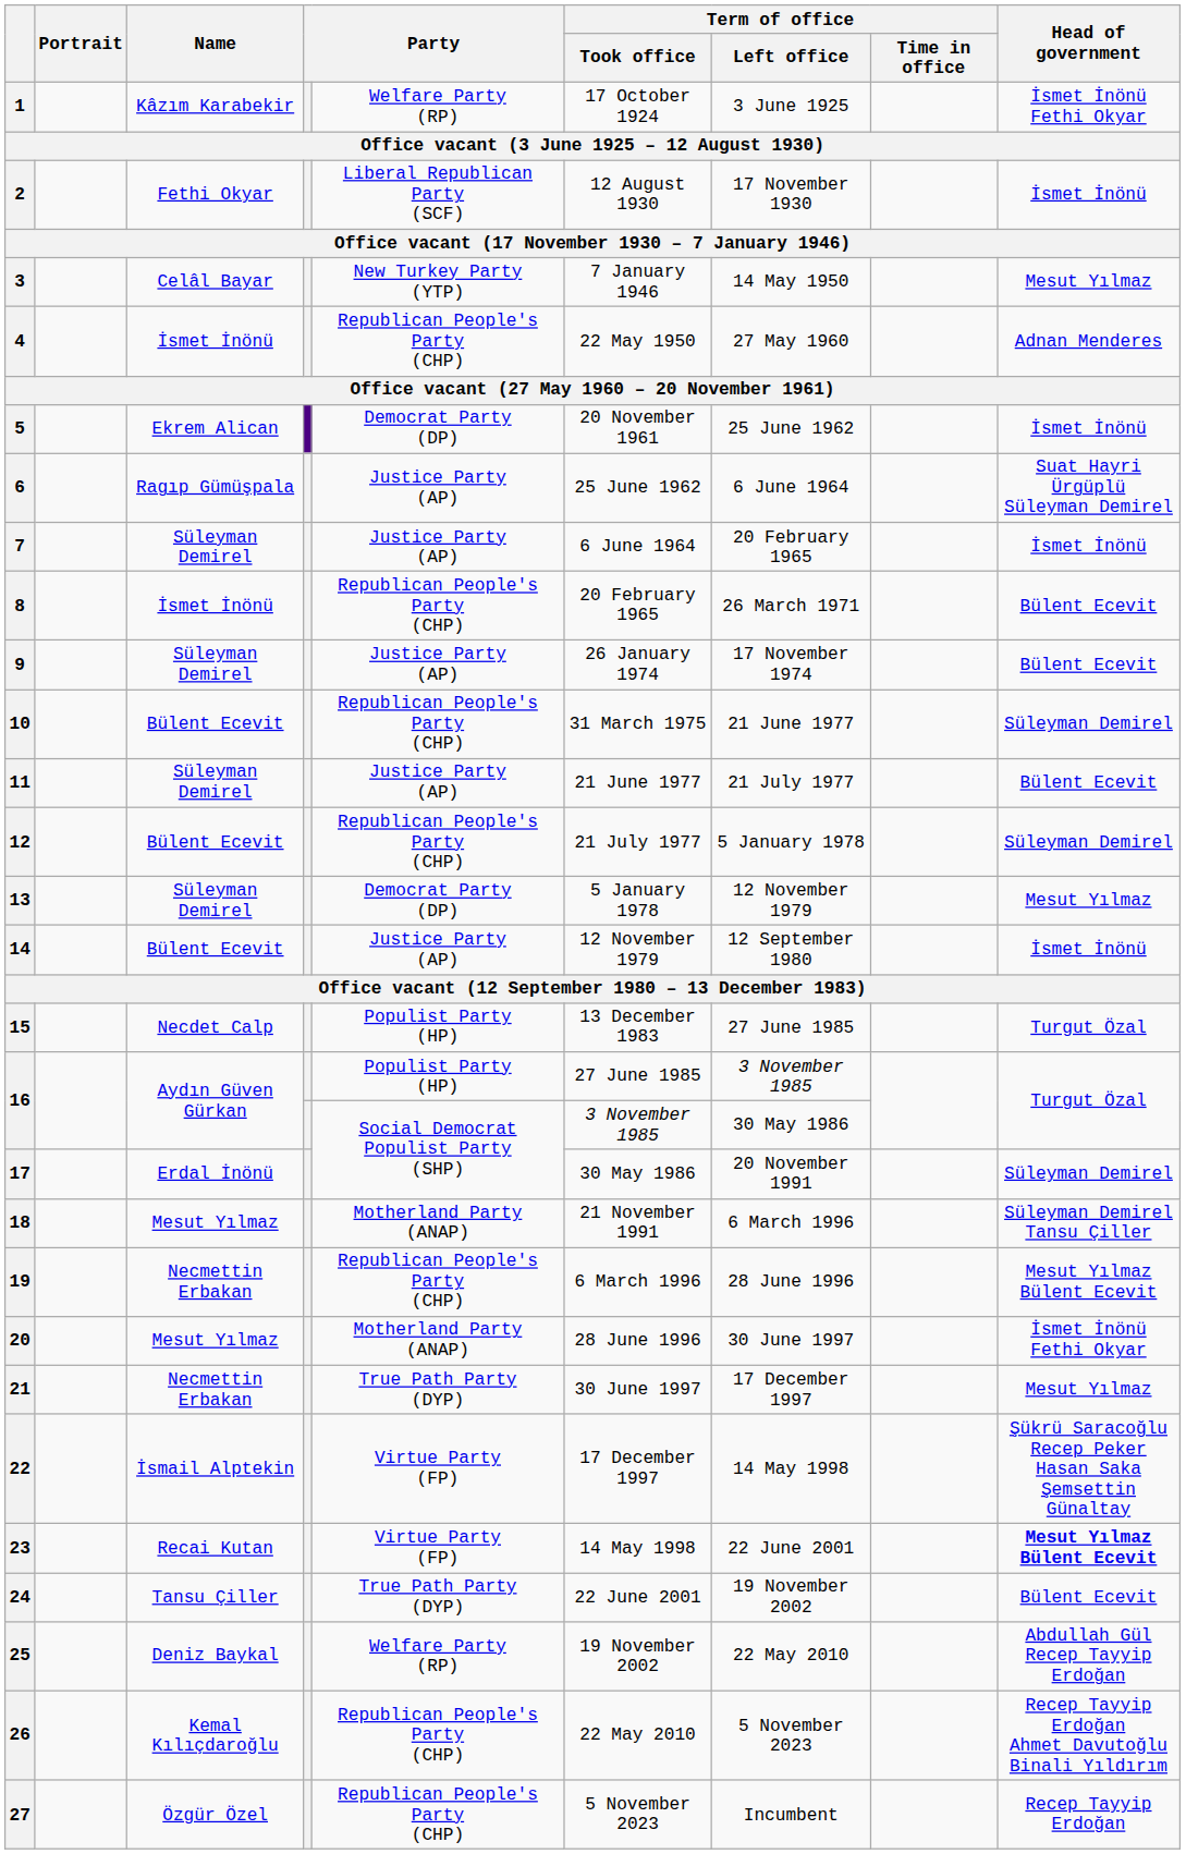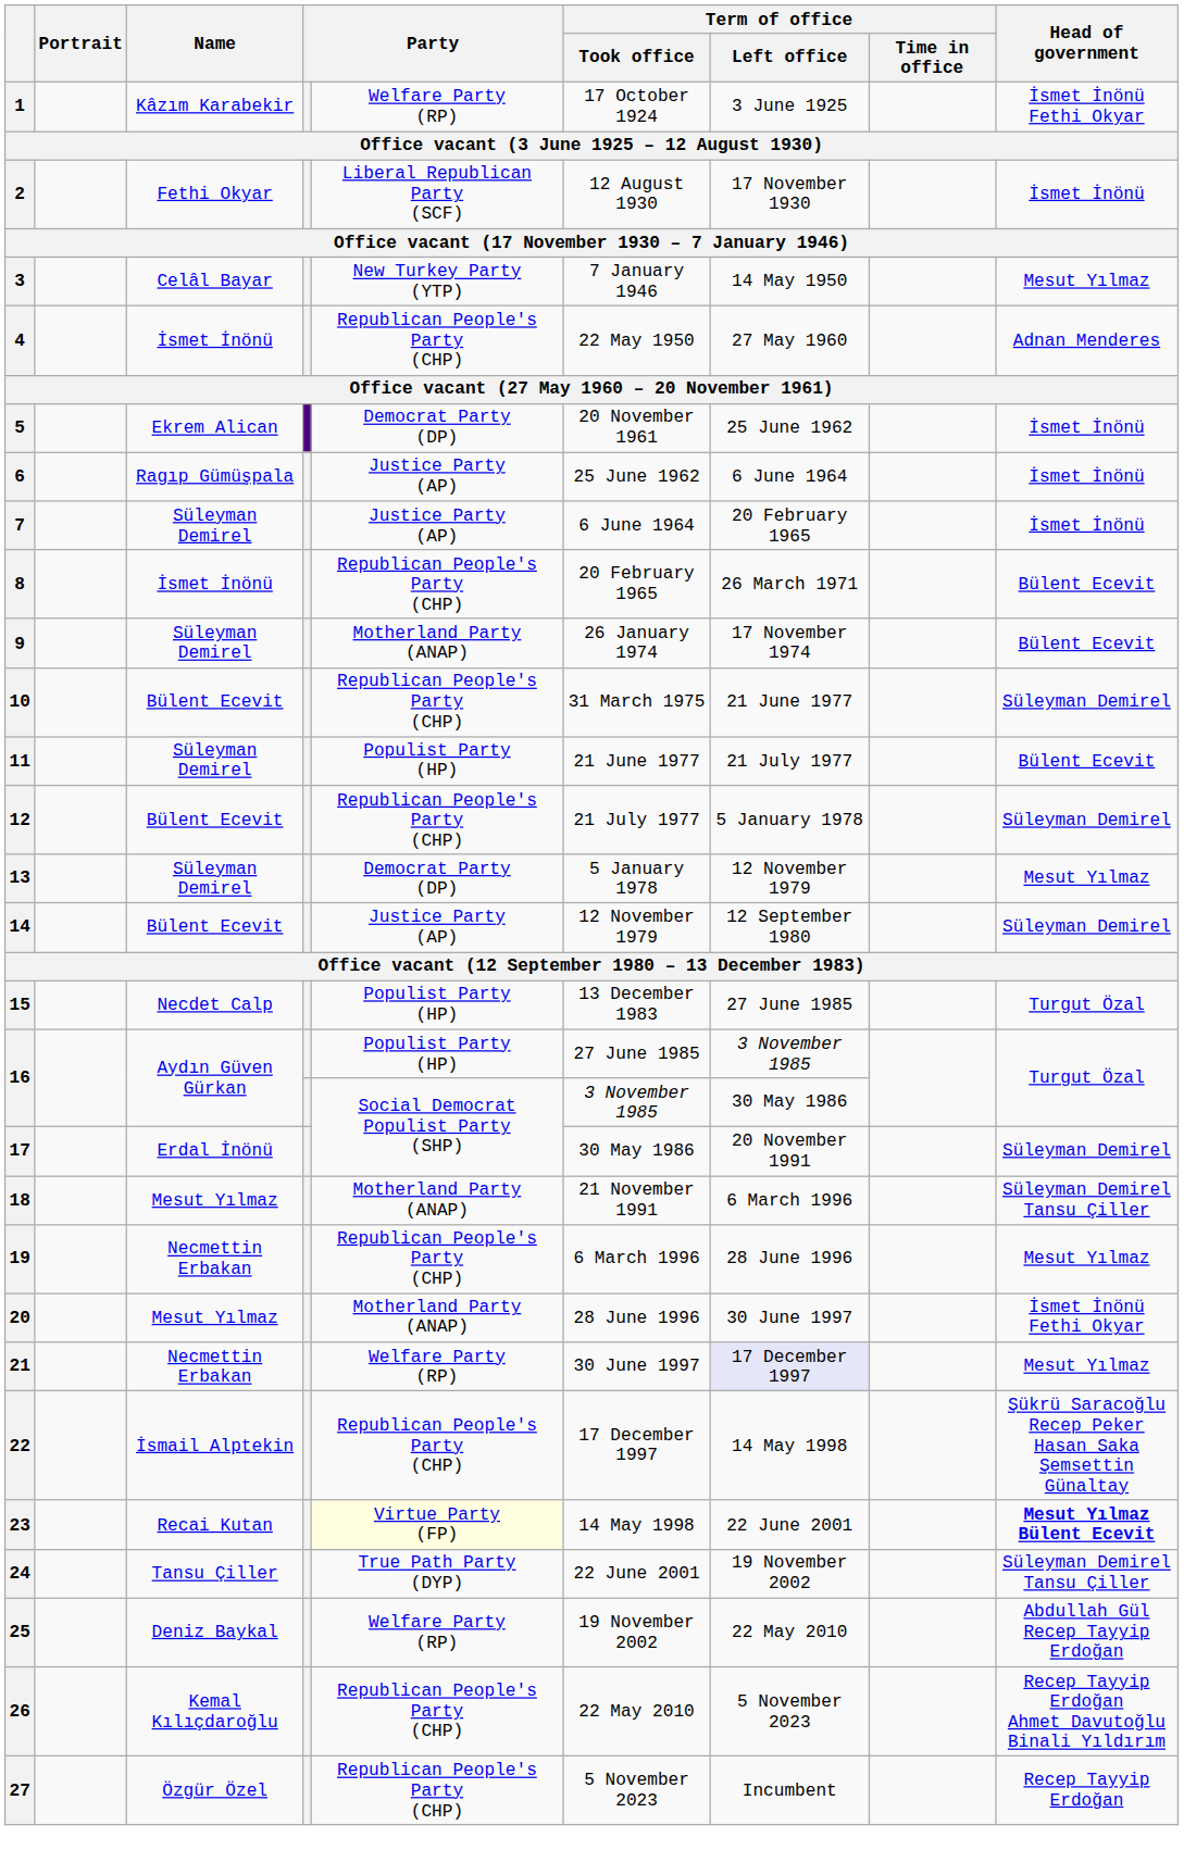 <table class="wikitable" style="text-align:center;">
 <tr>
 <th rowspan=2></th>
 <th rowspan=2>Portrait</th>
 <th rowspan=2>Name<br></th>
 <th rowspan=2 colspan=2>Party</th>
 <th colspan=3>Term of office</th>
 <th rowspan=2>Head of government</th>
 </tr>
 <tr>
 <th>Took office</th>
 <th>Left office</th>
 <th>Time in office</th>
 </tr>
 <tr>
 <th>1</th>
 <td></td>
 <td><a href='#'>Kâzım Karabekir</a><br></td>
 <th style="background:"></th>
 <td><a href='#'>Welfare Party</a><br>(RP)</td>
 <td>17 October 1924</td>
 <td>3 June 1925</td>
 <td></td>
 <td><a href='#'>İsmet İnönü</a><br><a href='#'>Fethi Okyar</a></td>
 </tr>
 <tr>
 <th colspan="9">Office vacant (3 June 1925 – 12 August 1930)</th>
 </tr>
 <tr>
 <th>2</th>
 <td></td>
 <td><a href='#'>Fethi Okyar</a><br></td>
 <th style="background:"></th>
 <td><a href='#'>Liberal Republican Party</a><br>(SCF)</td>
 <td>12 August 1930</td>
 <td>17 November 1930</td>
 <td></td>
 <td><a href='#'>İsmet İnönü</a></td>
 </tr>
 <tr>
 <th colspan="9">Office vacant (17 November 1930 – 7 January 1946)</th>
 </tr>
 <tr>
 <th>3</th>
 <td></td>
 <td><a href='#'>Celâl Bayar</a><br></td>
 <th style="background:"></th>
 <td><a href='#'>New Turkey Party</a><br>(YTP)</td>
 <td>7 January 1946</td>
 <td>14 May 1950</td>
 <td></td>
 <td><a href='#'>Mesut Yılmaz</a></td>
 </tr>
 <tr>
 <th>4</th>
 <td></td>
 <td><a href='#'>İsmet İnönü</a><br></td>
 <th style="background:"></th>
 <td><a href='#'>Republican People's Party</a><br>(CHP)</td>
 <td>22 May 1950</td>
 <td>27 May 1960</td>
 <td></td>
 <td><a href='#'>Adnan Menderes</a></td>
 </tr>
 <tr>
 <th colspan="9">Office vacant (27 May 1960 – 20 November 1961)</th>
 </tr>
 <tr>
 <th>5</th>
 <td></td>
 <td><a href='#'>Ekrem Alican</a><br></td>
 <th style="background:Indigo"></th>
 <td><a href='#'>Democrat Party</a><br>(DP)</td>
 <td>20 November 1961</td>
 <td>25 June 1962</td>
 <td></td>
 <td><a href='#'>İsmet İnönü</a></td>
 </tr>
 <tr>
 <th>6</th>
 <td></td>
 <td><a href='#'>Ragıp Gümüşpala</a><br></td>
 <th style="background:"></th>
 <td><a href='#'>Justice Party</a><br>(AP)</td>
 <td>25 June 1962</td>
 <td>6 June 1964</td>
 <td></td>
-<td><a href='#'>Suat Hayri Ürgüplü</a><br><a href='#'>Süleyman Demirel</a></td>
+<td><a href='#'>İsmet İnönü</a></td>
 </tr>
 <tr>
 <th>7</th>
 <td></td>
 <td><a href='#'>Süleyman Demirel</a><br></td>
 <th style="background:"></th>
 <td><a href='#'>Justice Party</a><br>(AP)</td>
 <td>6 June 1964</td>
 <td>20 February 1965</td>
 <td></td>
 <td><a href='#'>İsmet İnönü</a></td>
 </tr>
 <tr>
 <th>8<br></th>
 <td></td>
 <td><a href='#'>İsmet İnönü</a><br></td>
 <th style="background:"></th>
 <td><a href='#'>Republican People's Party</a><br>(CHP)</td>
 <td>20 February 1965</td>
 <td>26 March 1971</td>
 <td></td>
 <td><a href='#'>Bülent Ecevit</a></td>
 </tr>
 <tr>
 <th>9<br></th>
 <td></td>
 <td><a href='#'>Süleyman Demirel</a><br></td>
 <th style="background: "></th>
-<td><a href='#'>Justice Party</a><br>(AP)</td>
+<td><a href='#'>Motherland Party</a><br>(ANAP)</td>
 <td>26 January 1974</td>
 <td>17 November 1974</td>
 <td></td>
 <td><a href='#'>Bülent Ecevit</a></td>
 </tr>
 <tr>
 <th>10</th>
 <td></td>
 <td><a href='#'>Bülent Ecevit</a><br></td>
 <th style="background:"></th>
 <td><a href='#'>Republican People's Party</a><br>(CHP)</td>
 <td>31 March 1975</td>
 <td>21 June 1977</td>
 <td></td>
 <td><a href='#'>Süleyman Demirel</a></td>
 </tr>
 <tr>
 <th>11<br></th>
 <td></td>
 <td><a href='#'>Süleyman Demirel</a><br></td>
 <th style="background:"></th>
-<td><a href='#'>Justice Party</a><br>(AP)</td>
+<td><a href='#'>Populist Party</a><br>(HP)</td>
 <td>21 June 1977</td>
 <td>21 July 1977</td>
 <td></td>
 <td><a href='#'>Bülent Ecevit</a></td>
 </tr>
 <tr>
 <th>12<br></th>
 <td></td>
 <td><a href='#'>Bülent Ecevit</a><br></td>
 <th style="background:"></th>
 <td><a href='#'>Republican People's Party</a><br>(CHP)</td>
 <td>21 July 1977</td>
 <td>5 January 1978</td>
 <td></td>
 <td><a href='#'>Süleyman Demirel</a></td>
 </tr>
 <tr>
 <th>13<br></th>
 <td></td>
 <td><a href='#'>Süleyman Demirel</a><br></td>
 <th style="background:"></th>
 <td><a href='#'>Democrat Party</a><br>(DP)</td>
 <td>5 January 1978</td>
 <td>12 November 1979</td>
 <td></td>
 <td><a href='#'>Mesut Yılmaz</a></td>
 </tr>
 <tr>
 <th>14<br></th>
 <td></td>
 <td><a href='#'>Bülent Ecevit</a><br></td>
 <th style="background:"></th>
 <td><a href='#'>Justice Party</a><br>(AP)</td>
 <td>12 November 1979</td>
 <td>12 September 1980</td>
 <td></td>
-<td><a href='#'>İsmet İnönü</a></td>
+<td><a href='#'>Süleyman Demirel</a></td>
 </tr>
 <tr>
 <th colspan="9">Office vacant (12 September 1980 – 13 December 1983)</th>
 </tr>
 <tr>
 <th>15</th>
 <td></td>
 <td><a href='#'>Necdet Calp</a><br></td>
 <th style="background:"></th>
 <td><a href='#'>Populist Party</a><br>(HP)</td>
 <td>13 December 1983</td>
 <td>27 June 1985</td>
 <td></td>
 <td><a href='#'>Turgut Özal</a></td>
 </tr>
 <tr>
 <th rowspan="2">16</th>
 <td rowspan="2"></td>
 <td rowspan="2"><a href='#'>Aydın Güven Gürkan</a><br></td>
 <th style="background:"></th>
 <td><a href='#'>Populist Party</a><br>(HP)</td>
 <td>27 June 1985</td>
 <td><em>3 November 1985</em></td>
 <td rowspan="2"></td>
 <td rowspan="2"><a href='#'>Turgut Özal</a></td>
 </tr>
 <tr>
 <th style="background:"></th>
 <td rowspan="2"><a href='#'>Social Democrat Populist Party</a><br>(SHP)</td>
 <td><em>3 November 1985</em></td>
 <td>30 May 1986</td>
 </tr>
 <tr>
 <th>17</th>
 <td></td>
 <td><a href='#'>Erdal İnönü</a><br></td>
 <th style="background:"></th>
 <td>30 May 1986</td>
 <td>20 November 1991</td>
 <td></td>
 <td><a href='#'>Süleyman Demirel</a></td>
 </tr>
 <tr>
 <th>18</th>
 <td></td>
 <td><a href='#'>Mesut Yılmaz</a><br></td>
 <th style="background:"></th>
 <td><a href='#'>Motherland Party</a><br>(ANAP)</td>
 <td>21 November 1991</td>
 <td>6 March 1996</td>
 <td></td>
 <td><a href='#'>Süleyman Demirel</a><br><a href='#'>Tansu Çiller</a></td>
 </tr>
 <tr>
 <th>19</th>
 <td></td>
 <td><a href='#'>Necmettin Erbakan</a><br></td>
 <th style="background:"></th>
 <td><a href='#'>Republican People's Party</a><br>(CHP)</td>
 <td>6 March 1996</td>
 <td>28 June 1996</td>
 <td></td>
-<td><a href='#'>Mesut Yılmaz</a><br><a href='#'>Bülent Ecevit</a></td>
+<td><a href='#'>Mesut Yılmaz</a></td>
 </tr>
 <tr>
 <th>20<br></th>
 <td></td>
 <td><a href='#'>Mesut Yılmaz</a><br></td>
 <th style="background:"></th>
 <td><a href='#'>Motherland Party</a><br>(ANAP)</td>
 <td>28 June 1996</td>
 <td>30 June 1997</td>
 <td></td>
 <td><a href='#'>İsmet İnönü</a><br><a href='#'>Fethi Okyar</a></td>
 </tr>
 <tr>
 <th>21<br></th>
 <td></td>
 <td><a href='#'>Necmettin Erbakan</a><br></td>
 <th style="background:"></th>
-<td><a href='#'>True Path Party</a><br>(DYP)</td>
+<td><a href='#'>Welfare Party</a><br>(RP)</td>
 <td>30 June 1997</td>
-<td>17 December 1997</td>
+<td style="background: lavender;">17 December 1997</td>
 <td></td>
 <td><a href='#'>Mesut Yılmaz</a></td>
 </tr>
 <tr>
 <th>22</th>
 <td></td>
 <td><a href='#'>İsmail Alptekin</a><br></td>
 <th style="background:"></th>
-<td><a href='#'>Virtue Party</a><br>(FP)</td>
+<td><a href='#'>Republican People's Party</a><br>(CHP)</td>
 <td>17 December 1997</td>
 <td>14 May 1998</td>
 <td></td>
 <td><a href='#'>Şükrü Saracoğlu</a><br><a href='#'>Recep Peker</a><br><a href='#'>Hasan Saka</a><br><a href='#'>Şemsettin Günaltay</a></td>
 </tr>
 <tr>
 <th>23</th>
 <td></td>
 <td><a href='#'>Recai Kutan</a><br></td>
 <th style="background:"></th>
-<td><a href='#'>Virtue Party</a><br>(FP)</td>
+<td style="background: lightyellow;"><a href='#'>Virtue Party</a><br>(FP)</td>
 <td>14 May 1998</td>
 <td>22 June 2001</td>
 <td></td>
 <td><strong><a href='#'>Mesut Yılmaz</a><br><a href='#'>Bülent Ecevit</a></strong></td>
 </tr>
 <tr>
 <th>24</th>
 <td></td>
 <td><a href='#'>Tansu Çiller</a><br></td>
 <th style="background:"></th>
 <td><a href='#'>True Path Party</a><br>(DYP)</td>
 <td>22 June 2001</td>
 <td>19 November 2002</td>
 <td></td>
-<td><a href='#'>Bülent Ecevit</a></td>
+<td><a href='#'>Süleyman Demirel</a><br><a href='#'>Tansu Çiller</a></td>
 </tr>
 <tr>
 <th>25</th>
 <td></td>
 <td><a href='#'>Deniz Baykal</a><br></td>
 <th style="background:"></th>
 <td><a href='#'>Welfare Party</a><br>(RP)</td>
 <td>19 November 2002</td>
 <td>22 May 2010</td>
 <td></td>
 <td><a href='#'>Abdullah Gül</a><br><a href='#'>Recep Tayyip Erdoğan</a></td>
 </tr>
 <tr>
 <th>26</th>
 <td></td>
 <td><a href='#'>Kemal Kılıçdaroğlu</a><br></td>
 <th style="background:"></th>
 <td><a href='#'>Republican People's Party</a><br>(CHP)</td>
 <td>22 May 2010</td>
 <td>5 November 2023</td>
 <td></td>
 <td><a href='#'>Recep Tayyip Erdoğan</a><br><a href='#'>Ahmet Davutoğlu</a><br><a href='#'>Binali Yıldırım</a></td>
 </tr>
 <tr>
 <th>27</th>
 <td></td>
 <td><a href='#'>Özgür Özel</a><br></td>
 <th style="background:"></th>
 <td><a href='#'>Republican People's Party</a><br>(CHP)</td>
 <td>5 November 2023</td>
 <td>Incumbent</td>
 <td></td>
 <td><a href='#'>Recep Tayyip Erdoğan</a></td>
 </tr>
 </table>
